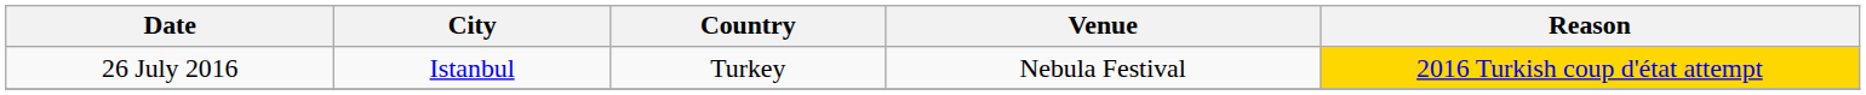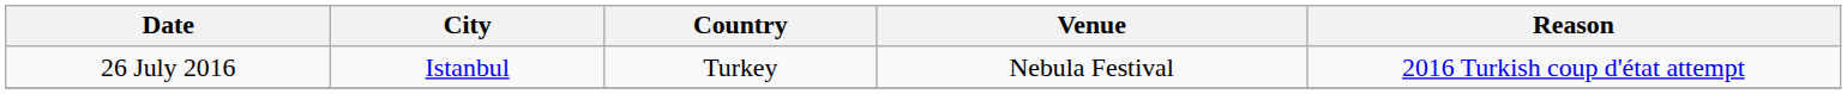 <table class="wikitable" style="text-align:center;">
 <tr>
 <th scope="col" style="width:12em;">Date</th>
 <th scope="col" style="width:10em;">City</th>
 <th scope="col" style="width:10em;">Country</th>
 <th scope="col" style="width:16em;">Venue</th>
 <th scope="col" style="width:20em;">Reason</th>
 </tr>
 <tr>
 <td>26 July 2016</td>
 <td><a href='#'>Istanbul</a></td>
 <td>Turkey</td>
 <td>Nebula Festival</td>
-<td style="background: gold;"><a href='#'>2016 Turkish coup d'état attempt</a></td>
+<td><a href='#'>2016 Turkish coup d'état attempt</a></td>
 </tr>
 <tr>
 </tr>
 </table>
